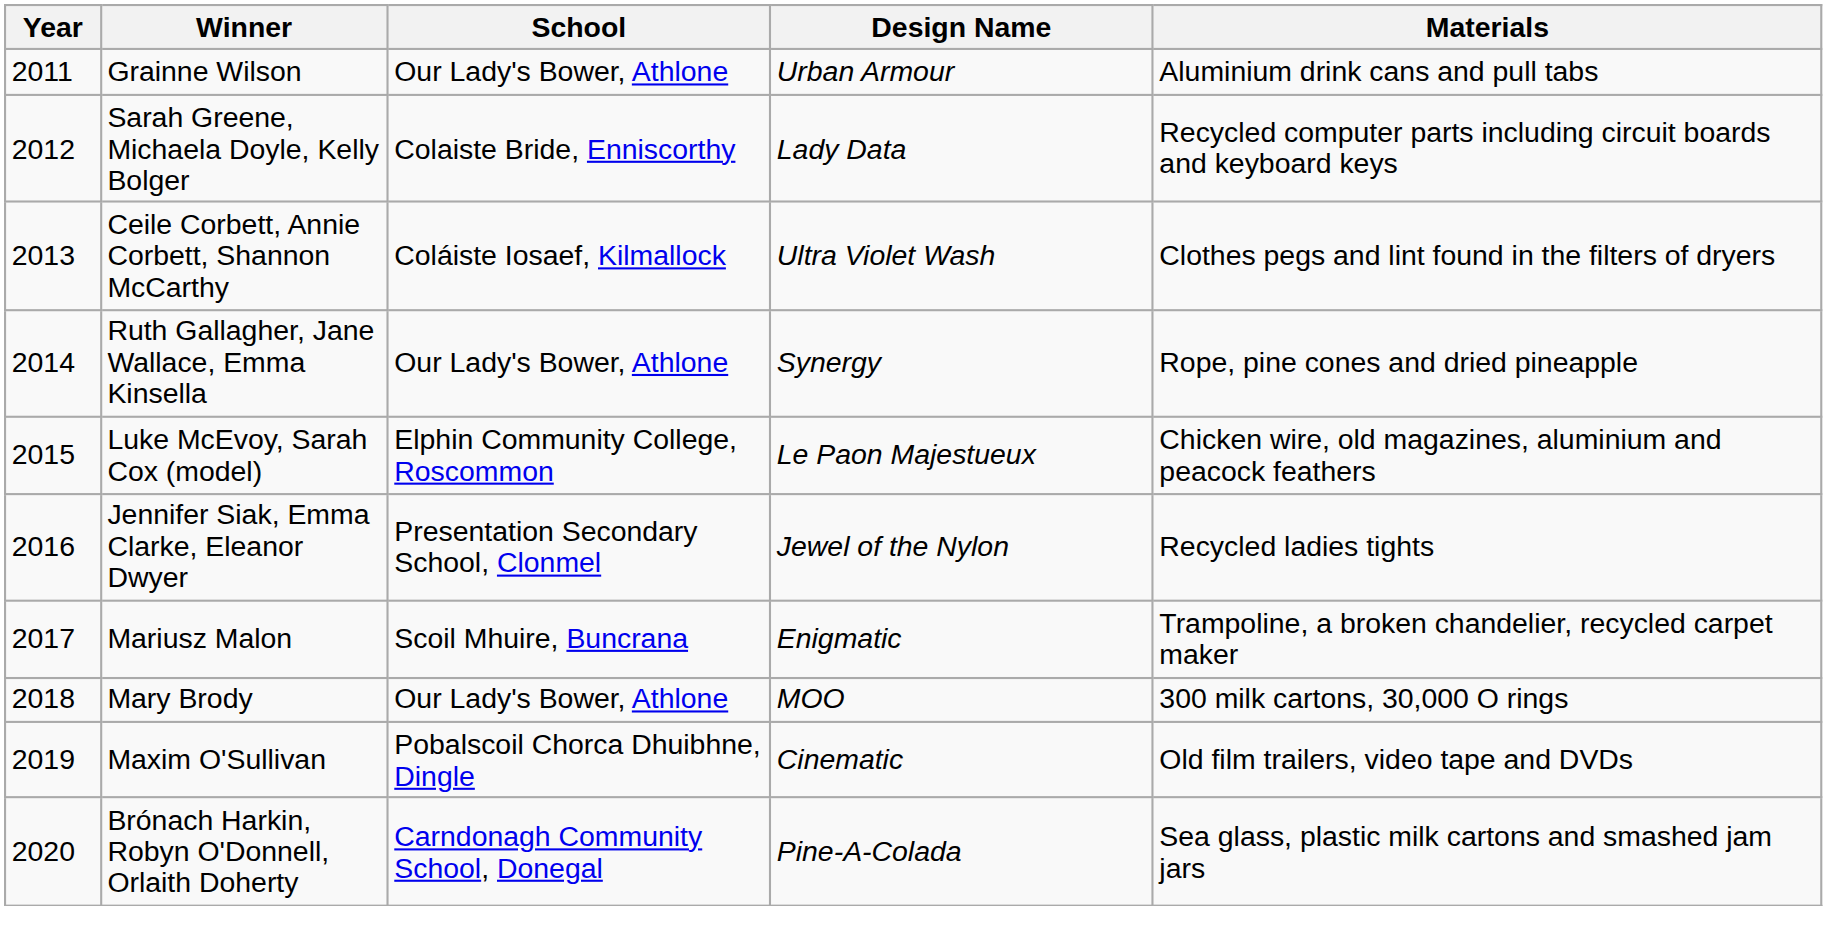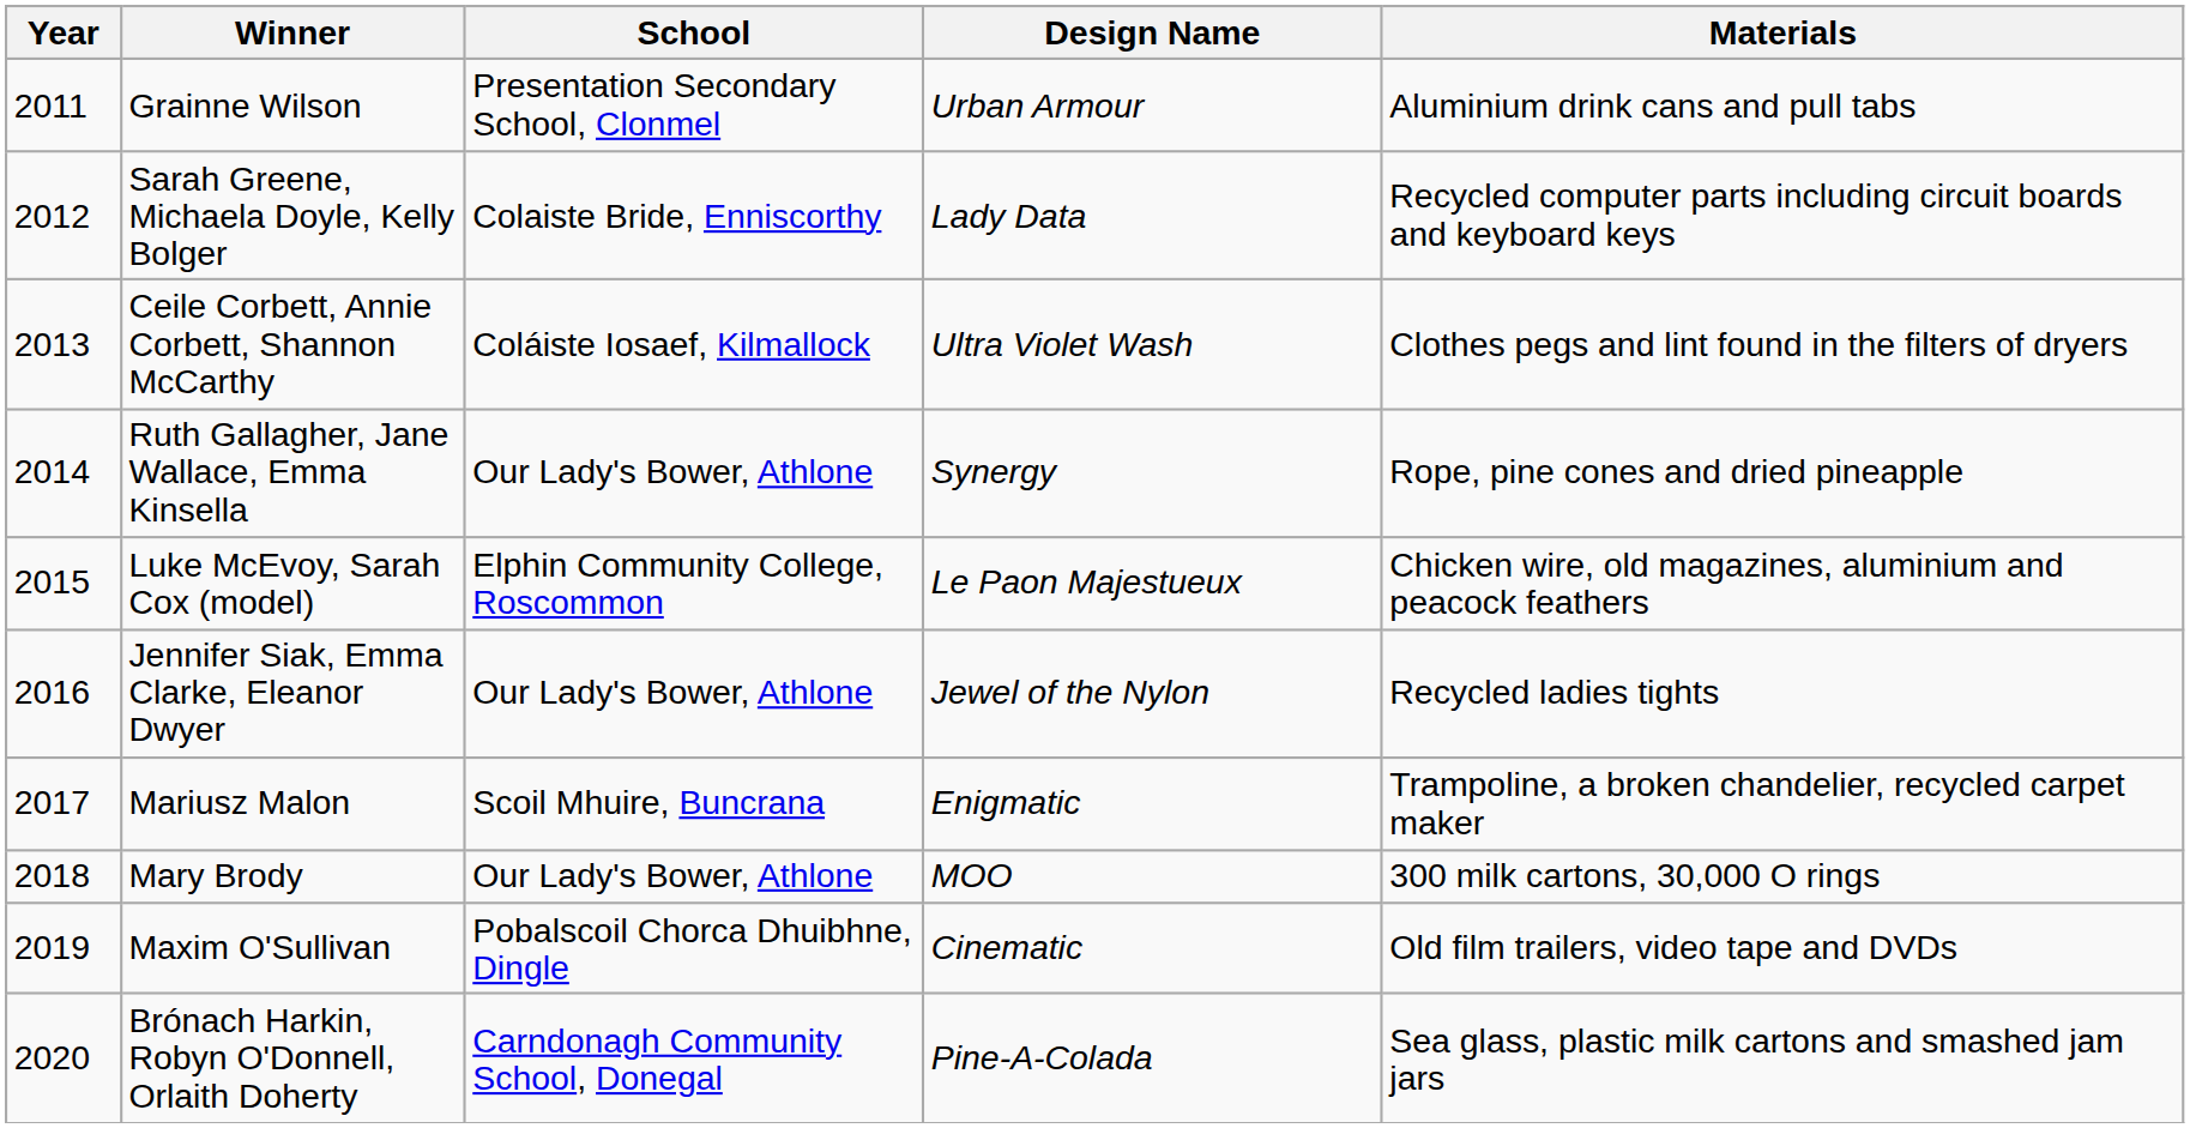 <table class="wikitable sortable" style="font-size:85%;">
 <tr align="center">
 <th style="width:5%;">Year</th>
 <th style="width:15%;">Winner</th>
 <th style="width:20%;">School</th>
 <th style="width:20%;">Design Name</th>
 <th style="width:35%;">Materials</th>
 </tr>
 <tr>
 <td>2011</td>
 <td>Grainne Wilson</td>
-<td>Our Lady's Bower, <a href='#'>Athlone</a></td>
+<td>Presentation Secondary School, <a href='#'>Clonmel</a></td>
 <td><em>Urban Armour</em></td>
 <td>Aluminium drink cans and pull tabs</td>
 </tr>
 <tr>
 <td>2012</td>
 <td>Sarah Greene, Michaela Doyle, Kelly Bolger</td>
 <td>Colaiste Bride, <a href='#'>Enniscorthy</a></td>
 <td><em>Lady Data</em></td>
 <td>Recycled computer parts including circuit boards and keyboard keys</td>
 </tr>
 <tr>
 <td>2013</td>
 <td>Ceile Corbett, Annie Corbett, Shannon McCarthy</td>
 <td>Coláiste Iosaef, <a href='#'>Kilmallock</a></td>
 <td><em>Ultra Violet Wash</em></td>
 <td>Clothes pegs and lint found in the filters of dryers</td>
 </tr>
 <tr>
 <td>2014</td>
 <td>Ruth Gallagher, Jane Wallace, Emma Kinsella</td>
 <td>Our Lady's Bower, <a href='#'>Athlone</a></td>
 <td><em>Synergy</em></td>
 <td>Rope, pine cones and dried pineapple</td>
 </tr>
 <tr>
 <td>2015</td>
 <td>Luke McEvoy, Sarah Cox (model)</td>
 <td>Elphin Community College, <a href='#'>Roscommon</a></td>
 <td><em>Le Paon Majestueux</em></td>
 <td>Chicken wire, old magazines, aluminium and peacock feathers</td>
 </tr>
 <tr>
 <td>2016</td>
 <td>Jennifer Siak, Emma Clarke, Eleanor Dwyer</td>
-<td>Presentation Secondary School, <a href='#'>Clonmel</a></td>
+<td>Our Lady's Bower, <a href='#'>Athlone</a></td>
 <td><em>Jewel of the Nylon</em></td>
 <td>Recycled ladies tights</td>
 </tr>
 <tr>
 <td>2017</td>
 <td>Mariusz Malon</td>
 <td>Scoil Mhuire, <a href='#'>Buncrana</a></td>
 <td><em>Enigmatic</em></td>
 <td>Trampoline, a broken chandelier, recycled carpet maker</td>
 </tr>
 <tr>
 <td>2018</td>
 <td>Mary Brody</td>
 <td>Our Lady's Bower, <a href='#'>Athlone</a></td>
 <td><em>MOO</em></td>
 <td>300 milk cartons, 30,000 O rings</td>
 </tr>
 <tr>
 <td>2019</td>
 <td>Maxim O'Sullivan</td>
 <td>Pobalscoil Chorca Dhuibhne, <a href='#'>Dingle</a></td>
 <td><em>Cinematic</em></td>
 <td>Old film trailers, video tape and DVDs</td>
 </tr>
 <tr>
 <td>2020</td>
 <td>Brónach Harkin, Robyn O'Donnell, Orlaith Doherty</td>
 <td><a href='#'>Carndonagh Community School</a>, <a href='#'>Donegal</a></td>
 <td><em>Pine-A-Colada</em></td>
 <td>Sea glass, plastic milk cartons and smashed jam jars</td>
 </tr>
 <tr>
 </tr>
 </table>
